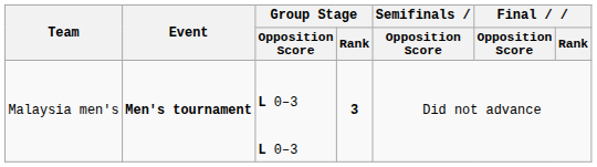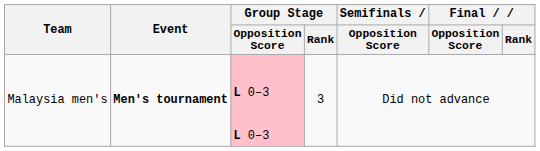 <table class="wikitable" style="font-size:90%">
 <tr>
 <th rowspan=2>Team</th>
 <th rowspan=2>Event</th>
 <th colspan=2>Group Stage</th>
 <th>Semifinals / </th>
 <th colspan=2>Final /  / </th>
 </tr>
 <tr style="font-size:95%">
 <th>Opposition<br>Score</th>
 <th>Rank</th>
 <th>Opposition<br>Score</th>
 <th>Opposition<br>Score</th>
 <th>Rank</th>
 </tr>
 <tr align=center>
 <td align=left>Malaysia men's</td>
 <td align=left><strong>Men's tournament</strong></td>
-<td align=left><br><br><strong>L</strong> 0–3 <br><br><br><strong>L</strong> 0–3 <br></td>
-<td><strong>3</strong></td>
+<td align=left style="background: pink;"><br><br><strong>L</strong> 0–3 <br><br><br><strong>L</strong> 0–3 <br></td>
+<td>3</td>
 <td colspan="3">Did not advance</td>
 </tr>
 </table>
